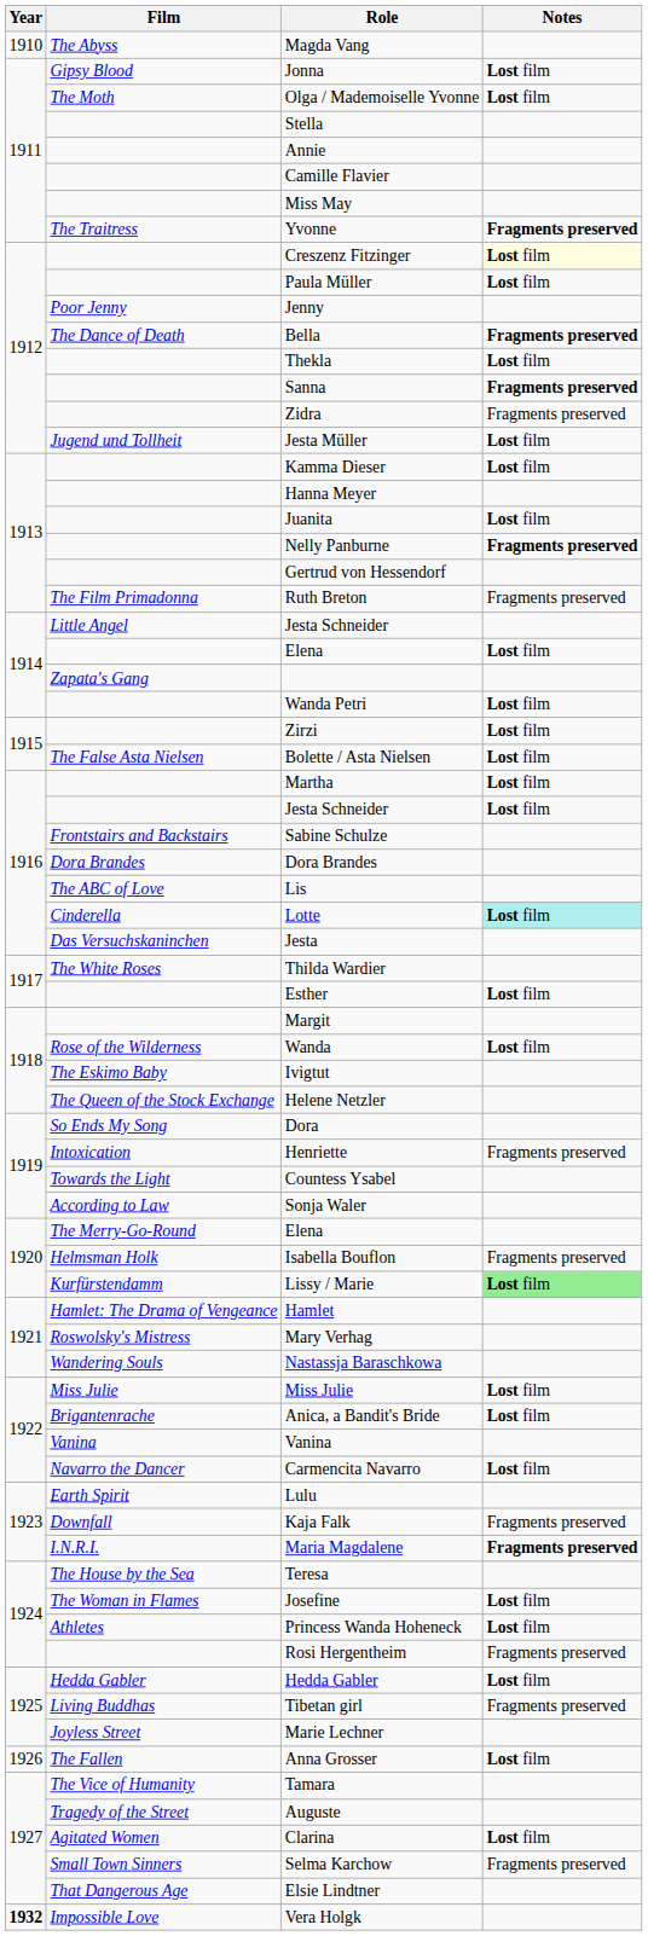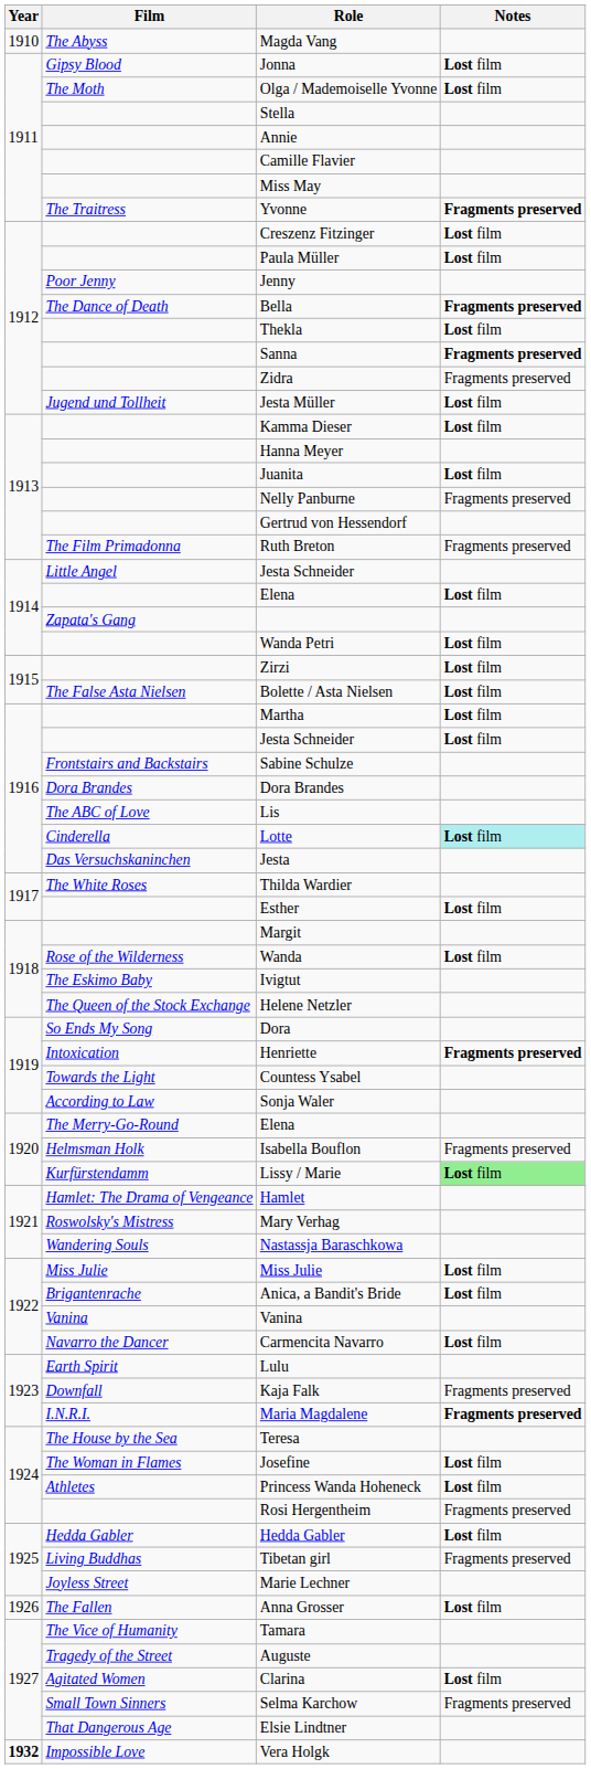 <table class="wikitable">
 <tr>
 <th>Year</th>
 <th>Film</th>
 <th>Role</th>
 <th>Notes</th>
 </tr>
 <tr>
 <td>1910</td>
 <td><em><a href='#'>The Abyss</a></em></td>
 <td>Magda Vang</td>
 <td></td>
 </tr>
 <tr>
 <td rowspan="7">1911</td>
 <td><em><a href='#'>Gipsy Blood</a></em></td>
 <td>Jonna</td>
 <td><strong>Lost</strong> film</td>
 </tr>
 <tr>
 <td><em><a href='#'>The Moth</a></em></td>
 <td>Olga / Mademoiselle Yvonne</td>
 <td><strong>Lost</strong> film</td>
 </tr>
 <tr>
 <td><em></em></td>
 <td>Stella</td>
 <td></td>
 </tr>
 <tr>
 <td><em></em></td>
 <td>Annie</td>
 <td></td>
 </tr>
 <tr>
 <td><em></em></td>
 <td>Camille Flavier</td>
 <td></td>
 </tr>
 <tr>
 <td><em></em></td>
 <td>Miss May</td>
 <td></td>
 </tr>
 <tr>
 <td><em><a href='#'>The Traitress</a></em></td>
 <td>Yvonne</td>
 <td><strong>Fragments preserved</strong></td>
 </tr>
 <tr>
 <td rowspan="8">1912</td>
 <td><em></em></td>
 <td>Creszenz Fitzinger</td>
-<td style="background: lightyellow;"><strong>Lost</strong> film</td>
+<td><strong>Lost</strong> film</td>
 </tr>
 <tr>
 <td><em></em></td>
 <td>Paula Müller</td>
 <td><strong>Lost</strong> film</td>
 </tr>
 <tr>
 <td><em><a href='#'>Poor Jenny</a></em></td>
 <td>Jenny</td>
 <td></td>
 </tr>
 <tr>
 <td><em><a href='#'>The Dance of Death</a></em></td>
 <td>Bella</td>
 <td><strong>Fragments preserved</strong></td>
 </tr>
 <tr>
 <td><em></em></td>
 <td>Thekla</td>
 <td><strong>Lost</strong> film</td>
 </tr>
 <tr>
 <td><em></em></td>
 <td>Sanna</td>
 <td><strong>Fragments preserved</strong></td>
 </tr>
 <tr>
 <td><em></em></td>
 <td>Zidra</td>
 <td>Fragments preserved</td>
 </tr>
 <tr>
 <td><em><a href='#'>Jugend und Tollheit</a></em></td>
 <td>Jesta Müller</td>
 <td><strong>Lost</strong> film</td>
 </tr>
 <tr>
 <td rowspan="6">1913</td>
 <td><em></em></td>
 <td>Kamma Dieser</td>
 <td><strong>Lost</strong> film</td>
 </tr>
 <tr>
 <td><em></em></td>
 <td>Hanna Meyer</td>
 <td></td>
 </tr>
 <tr>
 <td><em></em></td>
 <td>Juanita</td>
 <td><strong>Lost</strong> film</td>
 </tr>
 <tr>
 <td><em></em></td>
 <td>Nelly Panburne</td>
-<td><strong>Fragments preserved</strong></td>
+<td>Fragments preserved</td>
 </tr>
 <tr>
 <td><em></em></td>
 <td>Gertrud von Hessendorf</td>
 <td></td>
 </tr>
 <tr>
 <td><em><a href='#'>The Film Primadonna</a></em></td>
 <td>Ruth Breton</td>
 <td>Fragments preserved</td>
 </tr>
 <tr>
 <td rowspan="4">1914</td>
 <td><em><a href='#'>Little Angel</a></em></td>
 <td>Jesta Schneider</td>
 <td></td>
 </tr>
 <tr>
 <td><em></em></td>
 <td>Elena</td>
 <td><strong>Lost</strong> film</td>
 </tr>
 <tr>
 <td><em><a href='#'>Zapata's Gang</a></em></td>
 <td></td>
 <td></td>
 </tr>
 <tr>
 <td><em></em></td>
 <td>Wanda Petri</td>
 <td><strong>Lost</strong> film</td>
 </tr>
 <tr>
 <td rowspan="2">1915</td>
 <td><em></em></td>
 <td>Zirzi</td>
 <td><strong>Lost</strong> film</td>
 </tr>
 <tr>
 <td><em><a href='#'>The False Asta Nielsen</a></em></td>
 <td>Bolette / Asta Nielsen</td>
 <td><strong>Lost</strong> film</td>
 </tr>
 <tr>
 <td rowspan="7">1916</td>
 <td><em></em></td>
 <td>Martha</td>
 <td><strong>Lost</strong> film</td>
 </tr>
 <tr>
 <td><em></em></td>
 <td>Jesta Schneider</td>
 <td><strong>Lost</strong> film</td>
 </tr>
 <tr>
 <td><em><a href='#'>Frontstairs and Backstairs</a></em></td>
 <td>Sabine Schulze</td>
 <td></td>
 </tr>
 <tr>
 <td><em><a href='#'>Dora Brandes</a></em></td>
 <td>Dora Brandes</td>
 <td></td>
 </tr>
 <tr>
 <td><em><a href='#'>The ABC of Love</a></em></td>
 <td>Lis</td>
 <td></td>
 </tr>
 <tr>
 <td><em><a href='#'>Cinderella</a></em></td>
 <td><a href='#'>Lotte</a></td>
 <td style="background: paleturquoise;"><strong>Lost</strong> film</td>
 </tr>
 <tr>
 <td><em><a href='#'>Das Versuchskaninchen</a></em></td>
 <td>Jesta</td>
 <td></td>
 </tr>
 <tr>
 <td rowspan="2">1917</td>
 <td><em><a href='#'>The White Roses</a></em></td>
 <td>Thilda Wardier</td>
 <td></td>
 </tr>
 <tr>
 <td><em></em></td>
 <td>Esther</td>
 <td><strong>Lost</strong> film</td>
 </tr>
 <tr>
 <td rowspan="4">1918</td>
 <td><em></em></td>
 <td>Margit</td>
 <td></td>
 </tr>
 <tr>
 <td><em><a href='#'>Rose of the Wilderness</a></em></td>
 <td>Wanda</td>
 <td><strong>Lost</strong> film</td>
 </tr>
 <tr>
 <td><em><a href='#'>The Eskimo Baby</a></em></td>
 <td>Ivigtut</td>
 <td></td>
 </tr>
 <tr>
 <td><em><a href='#'>The Queen of the Stock Exchange</a></em></td>
 <td>Helene Netzler</td>
 <td></td>
 </tr>
 <tr>
 <td rowspan="4">1919</td>
 <td><em><a href='#'>So Ends My Song</a></em></td>
 <td>Dora</td>
 <td></td>
 </tr>
 <tr>
 <td><em><a href='#'>Intoxication</a></em></td>
 <td>Henriette</td>
-<td>Fragments preserved</td>
+<td><strong>Fragments preserved</strong></td>
 </tr>
 <tr>
 <td><em><a href='#'>Towards the Light</a></em></td>
 <td>Countess Ysabel</td>
 <td></td>
 </tr>
 <tr>
 <td><em><a href='#'>According to Law</a></em></td>
 <td>Sonja Waler</td>
 <td></td>
 </tr>
 <tr>
 <td rowspan="3">1920</td>
 <td><em><a href='#'>The Merry-Go-Round</a></em></td>
 <td>Elena</td>
 <td></td>
 </tr>
 <tr>
 <td><em><a href='#'>Helmsman Holk</a></em></td>
 <td>Isabella Bouflon</td>
 <td>Fragments preserved</td>
 </tr>
 <tr>
 <td><em><a href='#'>Kurfürstendamm</a></em></td>
 <td>Lissy / Marie</td>
 <td style="background: lightgreen;"><strong>Lost</strong> film</td>
 </tr>
 <tr>
 <td rowspan="3">1921</td>
 <td><em><a href='#'>Hamlet: The Drama of Vengeance</a></em></td>
 <td><a href='#'>Hamlet</a></td>
 <td></td>
 </tr>
 <tr>
 <td><em><a href='#'>Roswolsky's Mistress</a></em></td>
 <td>Mary Verhag</td>
 <td></td>
 </tr>
 <tr>
 <td><em><a href='#'>Wandering Souls</a></em></td>
 <td><a href='#'>Nastassja Baraschkowa</a></td>
 <td></td>
 </tr>
 <tr>
 <td rowspan="4">1922</td>
 <td><em><a href='#'>Miss Julie</a></em></td>
 <td><a href='#'>Miss Julie</a></td>
 <td><strong>Lost</strong> film</td>
 </tr>
 <tr>
 <td><em><a href='#'>Brigantenrache</a></em></td>
 <td>Anica, a Bandit's Bride</td>
 <td><strong>Lost</strong> film</td>
 </tr>
 <tr>
 <td><em><a href='#'>Vanina</a></em></td>
 <td>Vanina</td>
 <td></td>
 </tr>
 <tr>
 <td><em><a href='#'>Navarro the Dancer</a></em></td>
 <td>Carmencita Navarro</td>
 <td><strong>Lost</strong> film</td>
 </tr>
 <tr>
 <td rowspan="3">1923</td>
 <td><em><a href='#'>Earth Spirit</a></em></td>
 <td>Lulu</td>
 <td></td>
 </tr>
 <tr>
 <td><em><a href='#'>Downfall</a></em></td>
 <td>Kaja Falk</td>
 <td>Fragments preserved</td>
 </tr>
 <tr>
 <td><em><a href='#'>I.N.R.I.</a></em></td>
 <td><a href='#'>Maria Magdalene</a></td>
 <td><strong>Fragments preserved</strong></td>
 </tr>
 <tr>
 <td rowspan="4">1924</td>
 <td><em><a href='#'>The House by the Sea</a></em></td>
 <td>Teresa</td>
 <td></td>
 </tr>
 <tr>
 <td><em><a href='#'>The Woman in Flames</a></em></td>
 <td>Josefine</td>
 <td><strong>Lost</strong> film</td>
 </tr>
 <tr>
 <td><em><a href='#'>Athletes</a></em></td>
 <td>Princess Wanda Hoheneck</td>
 <td><strong>Lost</strong> film</td>
 </tr>
 <tr>
 <td><em></em></td>
 <td>Rosi Hergentheim</td>
 <td>Fragments preserved</td>
 </tr>
 <tr>
 <td rowspan="3">1925</td>
 <td><em><a href='#'>Hedda Gabler</a></em></td>
 <td><a href='#'>Hedda Gabler</a></td>
 <td><strong>Lost</strong> film</td>
 </tr>
 <tr>
 <td><em><a href='#'>Living Buddhas</a></em></td>
 <td>Tibetan girl</td>
 <td>Fragments preserved</td>
 </tr>
 <tr>
 <td><em><a href='#'>Joyless Street</a></em></td>
 <td>Marie Lechner</td>
 <td></td>
 </tr>
 <tr>
 <td rowspan="1">1926</td>
 <td><em><a href='#'>The Fallen</a></em></td>
 <td>Anna Grosser</td>
 <td><strong>Lost</strong> film</td>
 </tr>
 <tr>
 <td rowspan="5">1927</td>
 <td><em><a href='#'>The Vice of Humanity</a></em></td>
 <td>Tamara</td>
 <td></td>
 </tr>
 <tr>
 <td><em><a href='#'>Tragedy of the Street</a></em></td>
 <td>Auguste</td>
 <td></td>
 </tr>
 <tr>
 <td><em><a href='#'>Agitated Women</a></em></td>
 <td>Clarina</td>
 <td><strong>Lost</strong> film</td>
 </tr>
 <tr>
 <td><em><a href='#'>Small Town Sinners</a></em></td>
 <td>Selma Karchow</td>
 <td>Fragments preserved</td>
 </tr>
 <tr>
 <td><em><a href='#'>That Dangerous Age</a></em></td>
 <td>Elsie Lindtner</td>
 <td></td>
 </tr>
 <tr>
 <td><strong>1932</strong></td>
 <td><em><a href='#'>Impossible Love</a></em></td>
 <td>Vera Holgk</td>
 <td></td>
 </tr>
 </table>
